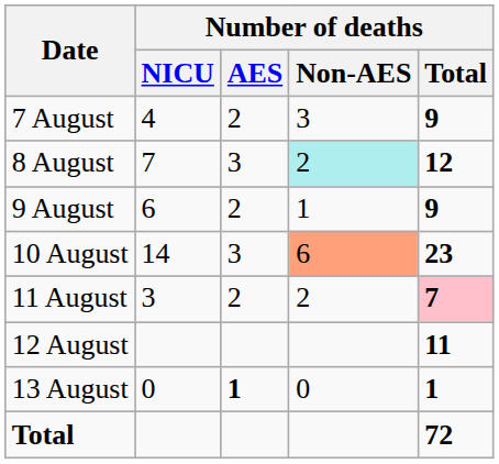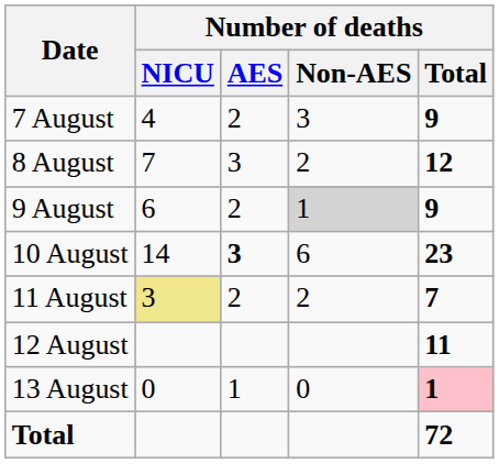 <table class="wikitable">
 <tr>
 <th rowspan=2>Date</th>
 <th colspan=4>Number of deaths</th>
 </tr>
 <tr>
 <th><a href='#'>NICU</a></th>
 <th><a href='#'>AES</a></th>
 <th>Non-AES</th>
 <th>Total</th>
 </tr>
 <tr>
 <td>7 August</td>
 <td>4</td>
 <td>2</td>
 <td>3</td>
 <td><strong>9</strong></td>
 </tr>
 <tr>
 <td>8 August</td>
 <td>7</td>
 <td>3</td>
-<td style="background: paleturquoise;">2</td>
+<td>2</td>
 <td><strong>12</strong></td>
 </tr>
 <tr>
 <td>9 August</td>
 <td>6</td>
 <td>2</td>
-<td>1</td>
+<td style="background: lightgrey;">1</td>
 <td><strong>9</strong></td>
 </tr>
 <tr>
 <td>10 August</td>
 <td>14</td>
-<td>3</td>
-<td style="background: lightsalmon;">6</td>
+<td><strong>3</strong></td>
+<td>6</td>
 <td><strong>23</strong></td>
 </tr>
 <tr>
 <td>11 August</td>
-<td>3</td>
+<td style="background: khaki;">3</td>
 <td>2</td>
 <td>2</td>
-<td style="background: pink;"><strong>7</strong></td>
+<td><strong>7</strong></td>
 </tr>
 <tr>
 <td>12 August</td>
 <td></td>
 <td></td>
 <td></td>
 <td><strong>11</strong></td>
 </tr>
 <tr>
 <td>13 August</td>
 <td>0</td>
-<td><strong>1</strong></td>
+<td>1</td>
 <td>0</td>
-<td><strong>1</strong></td>
+<td style="background: pink;"><strong>1</strong></td>
 </tr>
 <tr>
 <td><strong>Total</strong></td>
 <td></td>
 <td></td>
 <td></td>
 <td><strong>72</strong></td>
 </tr>
 </table>
